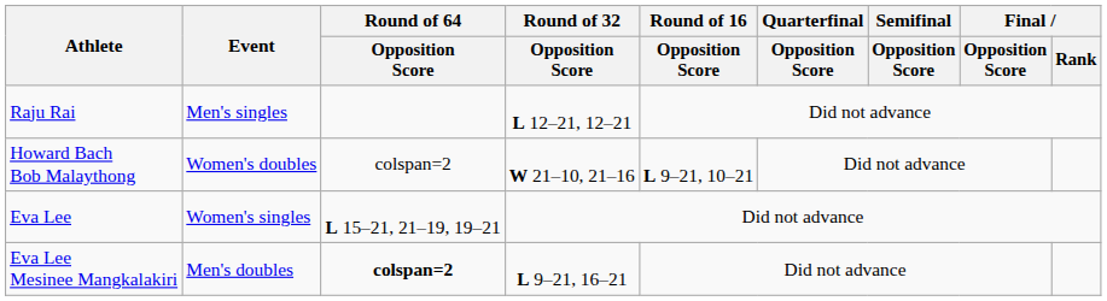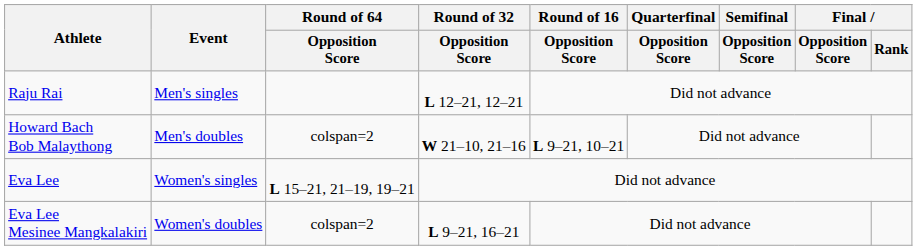 <table class=wikitable style=font-size:90%;text-align:center>
 <tr>
 <th rowspan=2>Athlete</th>
 <th rowspan=2>Event</th>
 <th>Round of 64</th>
 <th>Round of 32</th>
 <th>Round of 16</th>
 <th>Quarterfinal</th>
 <th>Semifinal</th>
 <th colspan=2>Final / </th>
 </tr>
 <tr style=font-size:95%>
 <th>Opposition<br>Score</th>
 <th>Opposition<br>Score</th>
 <th>Opposition<br>Score</th>
 <th>Opposition<br>Score</th>
 <th>Opposition<br>Score</th>
 <th>Opposition<br>Score</th>
 <th>Rank</th>
 </tr>
 <tr>
 <td align=left><a href='#'>Raju Rai</a></td>
 <td align=left><a href='#'>Men's singles</a></td>
 <td></td>
 <td><br><strong>L</strong> 12–21, 12–21</td>
 <td colspan=5>Did not advance</td>
 </tr>
 <tr>
 <td align=left><a href='#'>Howard Bach</a><br><a href='#'>Bob Malaythong</a></td>
-<td align=left><a href='#'>Women's doubles</a></td>
+<td align=left><a href='#'>Men's doubles</a></td>
 <td>colspan=2 </td>
 <td><br><strong>W</strong> 21–10, 21–16</td>
 <td><br><strong>L</strong> 9–21, 10–21</td>
 <td colspan=3>Did not advance</td>
 </tr>
 <tr>
 <td align=left><a href='#'>Eva Lee</a></td>
 <td align=left><a href='#'>Women's singles</a></td>
 <td><br><strong>L</strong> 15–21, 21–19, 19–21</td>
 <td colspan=6>Did not advance</td>
 </tr>
 <tr>
 <td align=left><a href='#'>Eva Lee</a><br><a href='#'>Mesinee Mangkalakiri</a></td>
-<td align=left><a href='#'>Men's doubles</a></td>
-<td><strong>colspan=2 </strong></td>
+<td align=left><a href='#'>Women's doubles</a></td>
+<td>colspan=2 </td>
 <td><br><strong>L</strong> 9–21, 16–21</td>
 <td colspan=4>Did not advance</td>
 </tr>
 </table>
